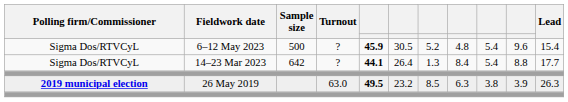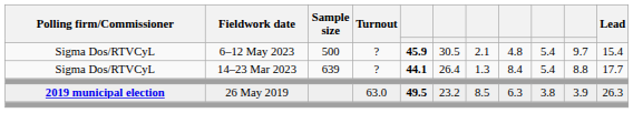 <table class="wikitable collapsible collapsed" style="text-align:center; font-size:95%; line-height:16px;">
 <tr style="height:42px;">
 <th style="width:250px;" rowspan="2">Polling firm/Commissioner</th>
 <th style="width:125px;" rowspan="2">Fieldwork date</th>
 <th style="width:50px;" rowspan="2">Sample size</th>
 <th style="width:45px;" rowspan="2">Turnout</th>
 <th style="width:35px;"></th>
 <th style="width:35px;"></th>
 <th style="width:35px;"></th>
 <th style="width:35px;"></th>
 <th style="width:35px;"></th>
 <th style="width:35px;"></th>
 <th style="width:30px;" rowspan="2">Lead</th>
 </tr>
 <tr>
 <th style="color:inherit;background:"></th>
 <th style="color:inherit;background:"></th>
 <th style="color:inherit;background:"></th>
 <th style="color:inherit;background:"></th>
 <th style="color:inherit;background:"></th>
 <th style="color:inherit;background:"></th>
 </tr>
 <tr>
 <td>Sigma Dos/RTVCyL</td>
 <td>6–12 May 2023</td>
 <td>500</td>
 <td>?</td>
 <td><strong>45.9</strong><br></td>
 <td>30.5<br></td>
-<td>5.2<br></td>
+<td>2.1<br></td>
 <td>4.8<br></td>
 <td>5.4<br></td>
-<td>9.6<br></td>
+<td>9.7<br></td>
 <td style="background:">15.4</td>
 </tr>
 <tr>
 <td>Sigma Dos/RTVCyL</td>
 <td>14–23 Mar 2023</td>
-<td>642</td>
+<td>639</td>
 <td>?</td>
 <td><strong>44.1</strong><br></td>
 <td>26.4<br></td>
 <td>1.3<br></td>
 <td>8.4<br></td>
 <td>5.4<br></td>
 <td>8.8<br></td>
 <td style="background:">17.7</td>
 </tr>
 <tr>
 <td colspan="11" style="background:#A0A0A0"></td>
 </tr>
 <tr style="background:#EFEFEF;">
 <td><strong><a href='#'>2019 municipal election</a></strong></td>
 <td>26 May 2019</td>
 <td></td>
 <td>63.0</td>
 <td><strong>49.5</strong><br></td>
 <td>23.2<br></td>
 <td>8.5<br></td>
 <td>6.3<br></td>
 <td>3.8<br></td>
 <td>3.9<br></td>
 <td style="background:">26.3</td>
 </tr>
 <tr>
 <td colspan="11" style="background:#A0A0A0"></td>
 </tr>
 </table>
